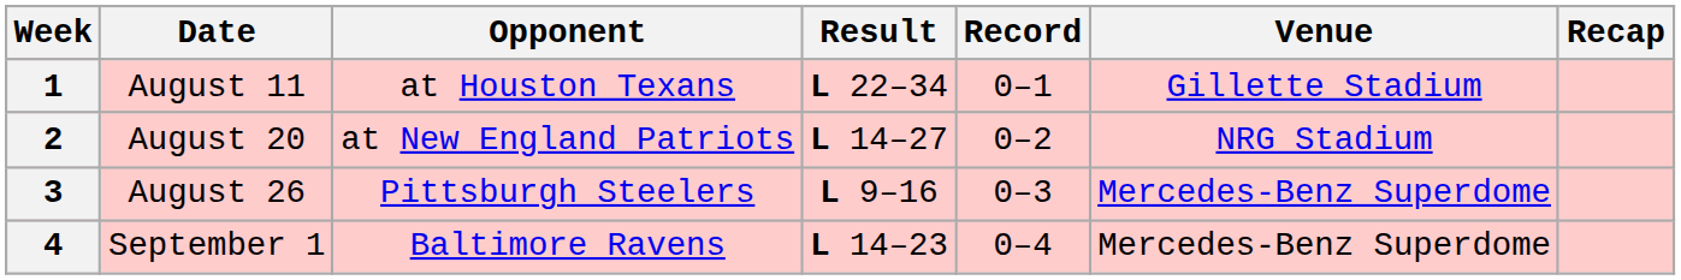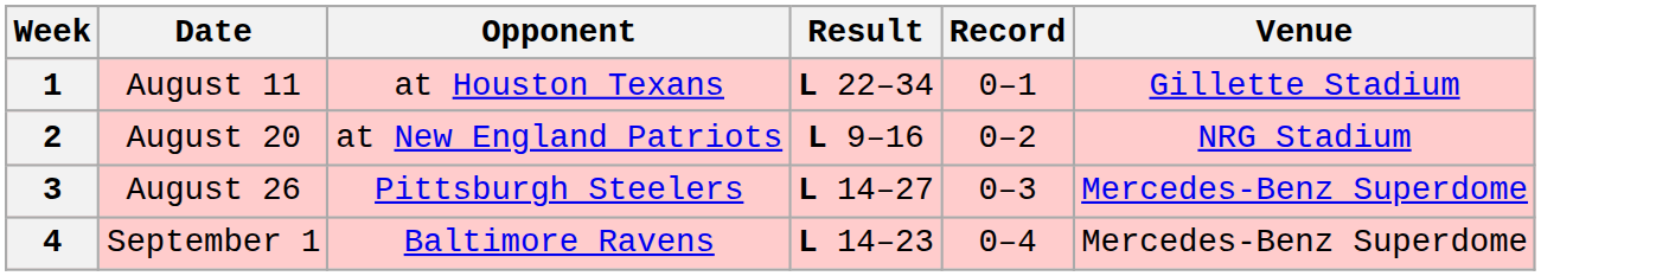 <table class="wikitable" style="text-align:center">
 <tr>
 <th>Week</th>
 <th>Date</th>
 <th>Opponent</th>
 <th>Result</th>
 <th>Record</th>
 <th>Venue</th>
-<th>Recap</th>
 </tr>
 <tr style="background:#fcc">
 <th>1</th>
 <td>August 11</td>
 <td>at <a href='#'>Houston Texans</a></td>
 <td><strong>L</strong> 22–34</td>
 <td>0–1</td>
 <td><a href='#'>Gillette Stadium</a></td>
-<td></td>
 </tr>
 <tr style="background:#fcc">
 <th>2</th>
 <td>August 20</td>
 <td>at <a href='#'>New England Patriots</a></td>
-<td><strong>L</strong> 14–27</td>
+<td><strong>L</strong> 9–16</td>
 <td>0–2</td>
 <td><a href='#'>NRG Stadium</a></td>
-<td></td>
 </tr>
 <tr style="background:#fcc">
 <th>3</th>
 <td>August 26</td>
 <td><a href='#'>Pittsburgh Steelers</a></td>
-<td><strong>L</strong> 9–16</td>
+<td><strong>L</strong> 14–27</td>
 <td>0–3</td>
 <td><a href='#'>Mercedes-Benz Superdome</a></td>
-<td></td>
 </tr>
 <tr style="background:#fcc">
 <th>4</th>
 <td>September 1</td>
 <td><a href='#'>Baltimore Ravens</a></td>
 <td><strong>L</strong> 14–23</td>
 <td>0–4</td>
 <td>Mercedes-Benz Superdome</td>
-<td></td>
 </tr>
 </table>
